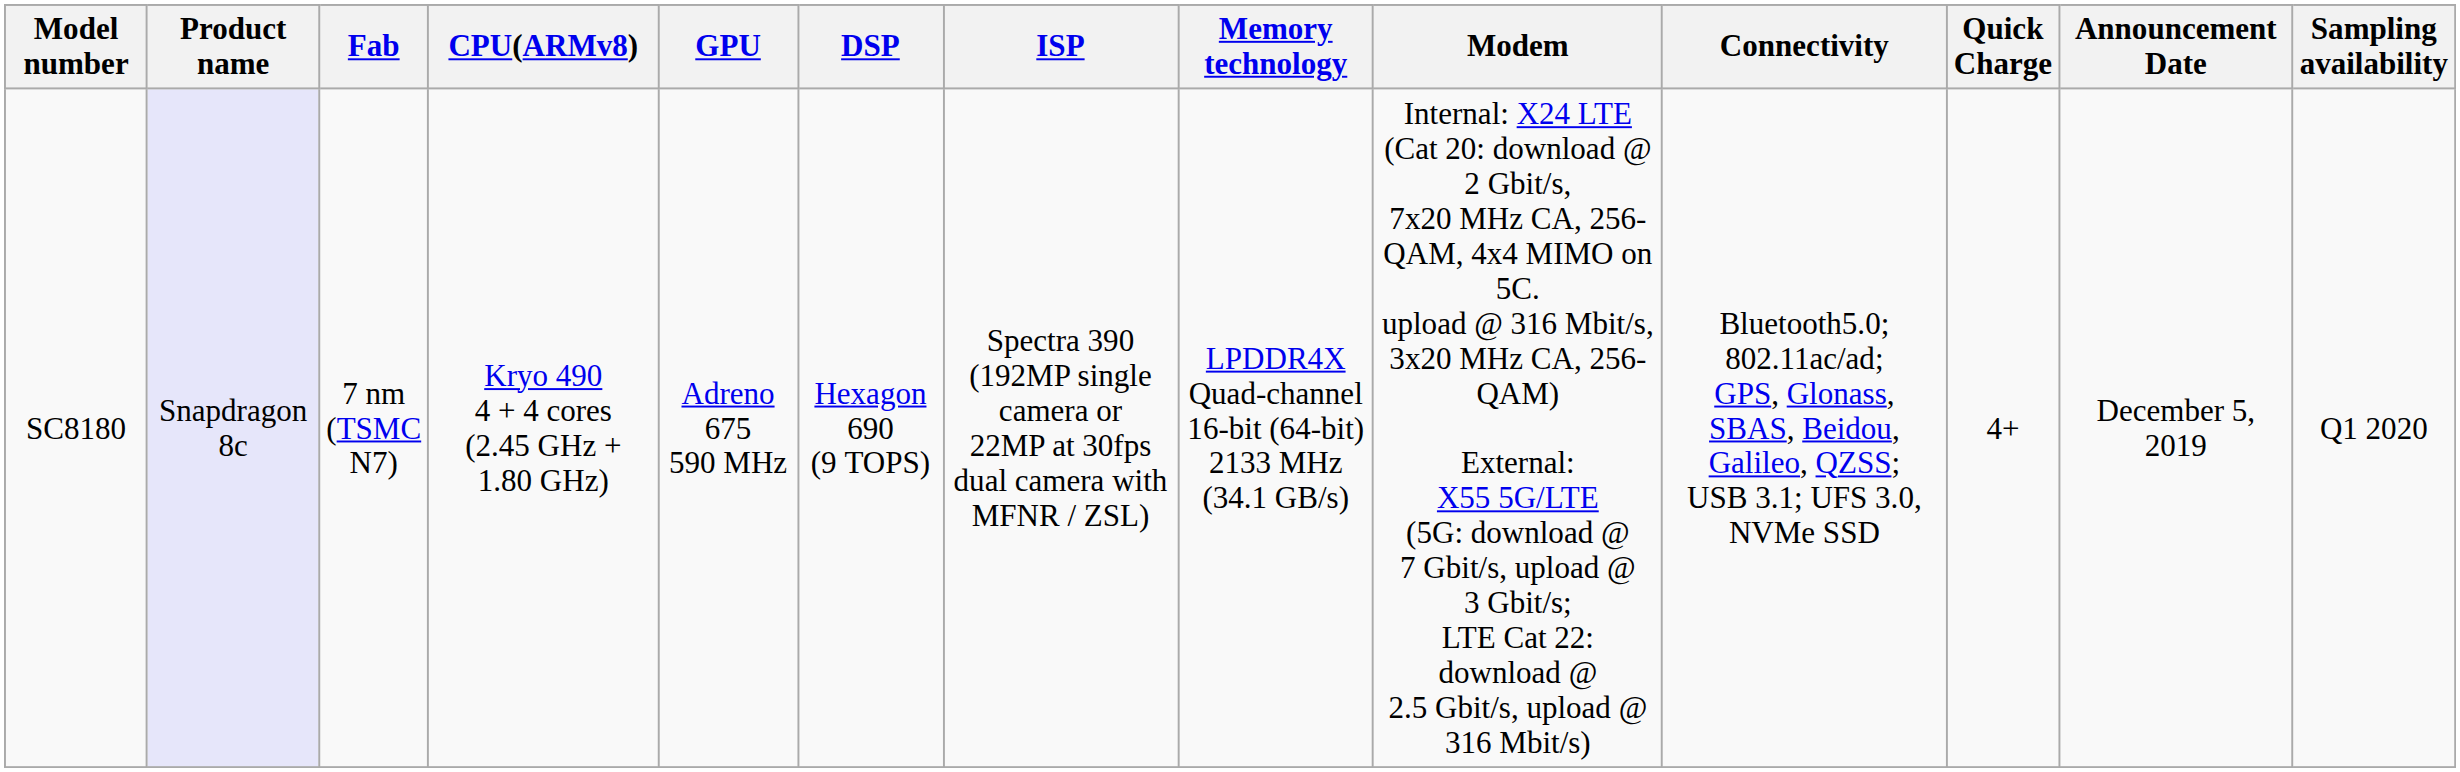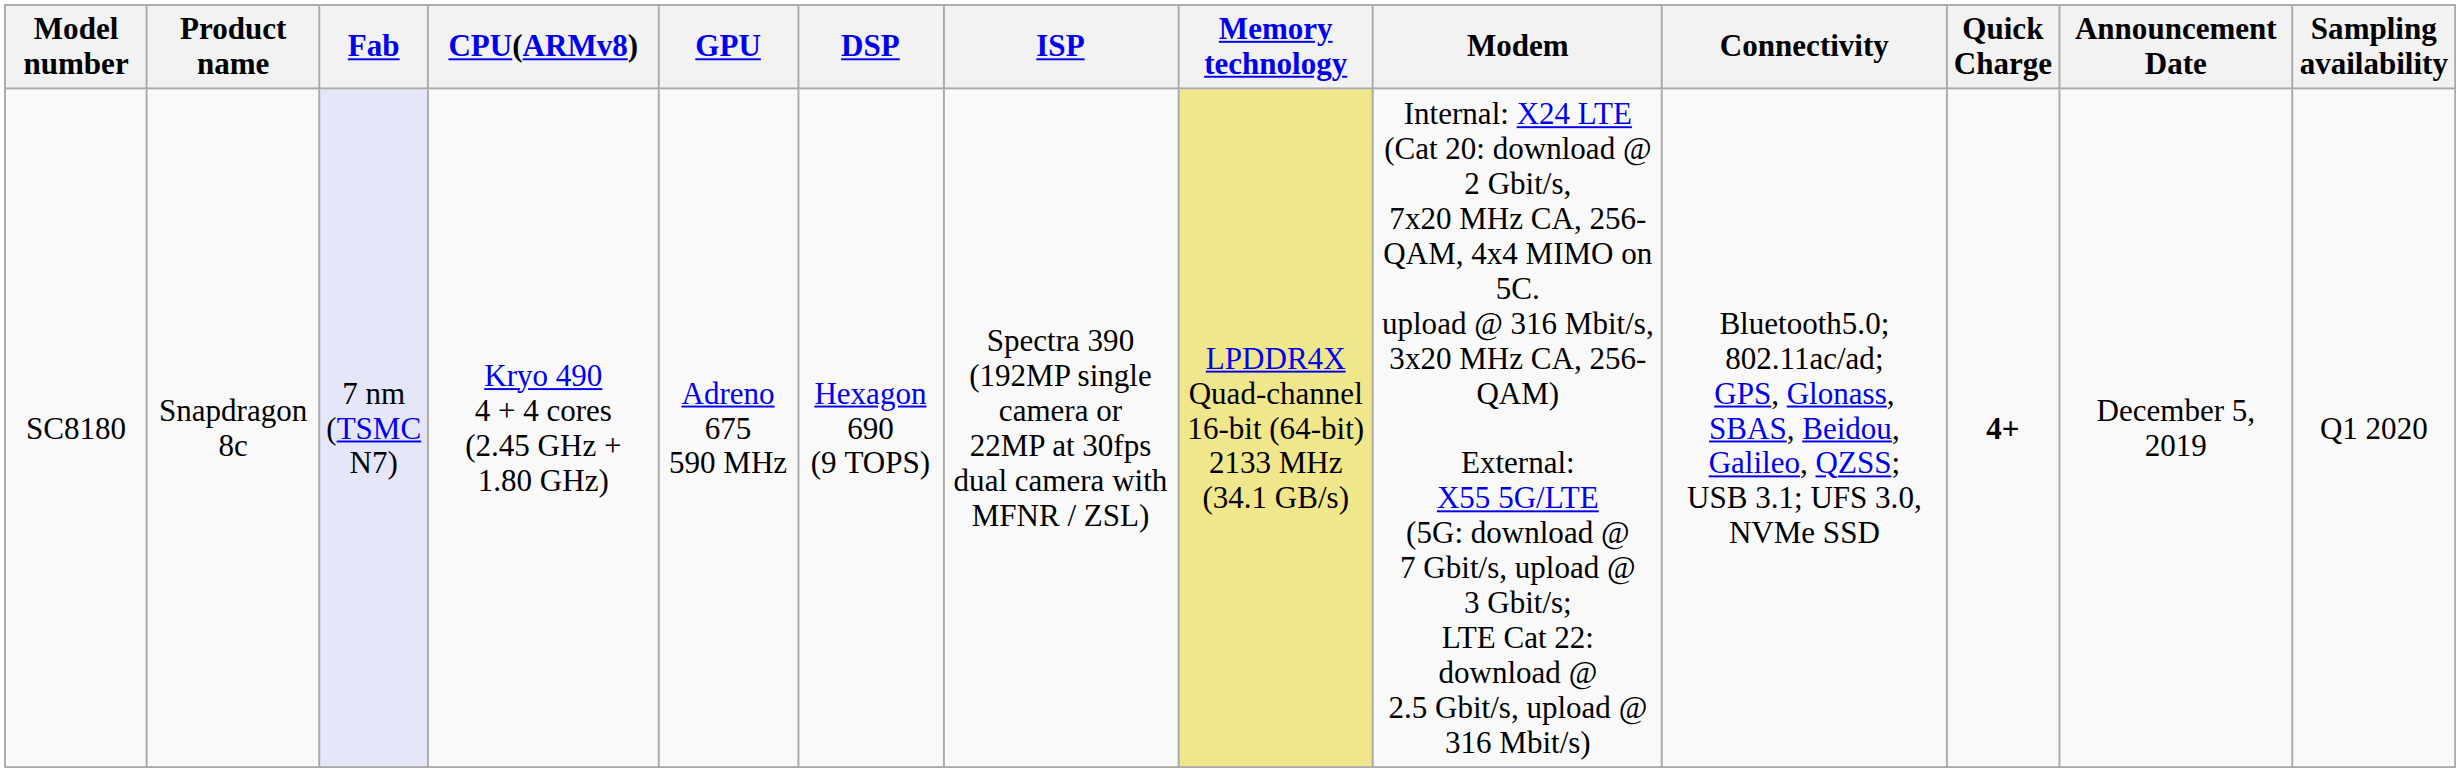 <table class="wikitable" style="width:100%; text-align:center">
 <tr>
 <th>Model number</th>
 <th>Product name</th>
 <th><a href='#'>Fab</a></th>
 <th><a href='#'>CPU</a>(<a href='#'>ARMv8</a>)</th>
 <th><a href='#'>GPU</a></th>
 <th><a href='#'>DSP</a></th>
 <th><a href='#'>ISP</a></th>
 <th><a href='#'>Memory<br>technology</a></th>
 <th>Modem</th>
 <th>Connectivity</th>
 <th>Quick<br>Charge</th>
 <th>Announcement Date</th>
 <th>Sampling<br>availability</th>
 </tr>
 <tr>
 <td>SC8180</td>
-<td style="background: lavender;">Snapdragon 8c</td>
-<td>7 nm<br>(<a href='#'>TSMC</a><br>N7)</td>
+<td>Snapdragon 8c</td>
+<td style="background: lavender;">7 nm<br>(<a href='#'>TSMC</a><br>N7)</td>
 <td><a href='#'>Kryo 490</a> 4 + 4 cores<br>(2.45 GHz + 1.80 GHz)</td>
 <td><a href='#'>Adreno</a> 675<br>590 MHz</td>
 <td><a href='#'>Hexagon</a> 690<br>(9 TOPS)</td>
 <td>Spectra 390<br>(192MP single camera or<br>22MP at 30fps dual camera with MFNR / ZSL)</td>
-<td><a href='#'>LPDDR4X</a><br>Quad-channel<br>16-bit (64-bit)<br>2133 MHz (34.1 GB/s)</td>
+<td style="background: khaki;"><a href='#'>LPDDR4X</a><br>Quad-channel<br>16-bit (64-bit)<br>2133 MHz (34.1 GB/s)</td>
 <td>Internal: <a href='#'>X24 LTE</a><br>(Cat 20: download @ 2 Gbit/s,<br>7x20 MHz CA, 256-QAM, 4x4 MIMO on 5C.<br>upload @ 316 Mbit/s, 3x20 MHz CA, 256-QAM)<br><br>External: <a href='#'>X55 5G/LTE</a><br>(5G: download @ 7 Gbit/s, upload @ 3 Gbit/s;<br>LTE Cat 22:<br>download @ 2.5 Gbit/s, upload @ 316 Mbit/s)</td>
 <td>Bluetooth5.0;<br>802.11ac/ad;<br><a href='#'>GPS</a>, <a href='#'>Glonass</a>, <a href='#'>SBAS</a>, <a href='#'>Beidou</a>, <a href='#'>Galileo</a>, <a href='#'>QZSS</a>;<br>USB 3.1; UFS 3.0, NVMe SSD</td>
-<td>4+</td>
+<td><strong>4+</strong></td>
 <td>December 5, 2019</td>
 <td>Q1 2020</td>
 </tr>
 <tr>
 </tr>
 </table>
